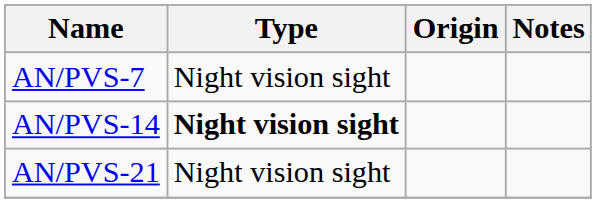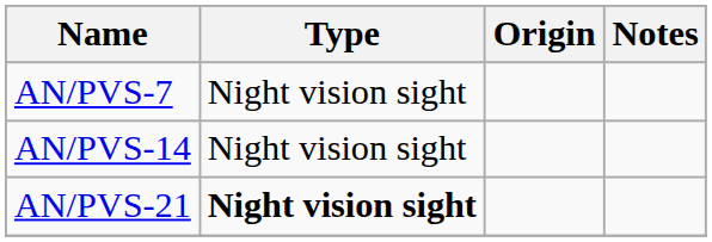 <table class="wikitable" ; text-align:"center;">
 <tr>
 <th>Name</th>
 <th>Type</th>
 <th>Origin</th>
 <th>Notes</th>
 </tr>
 <tr>
 <td><a href='#'>AN/PVS-7</a></td>
 <td>Night vision sight</td>
 <td></td>
 <td></td>
 </tr>
 <tr>
 <td><a href='#'>AN/PVS-14</a></td>
-<td><strong>Night vision sight</strong></td>
+<td>Night vision sight</td>
 <td></td>
 <td></td>
 </tr>
 <tr>
 <td><a href='#'>AN/PVS-21</a></td>
-<td>Night vision sight</td>
+<td><strong>Night vision sight</strong></td>
 <td></td>
 <td></td>
 </tr>
 <tr>
 </tr>
 </table>
